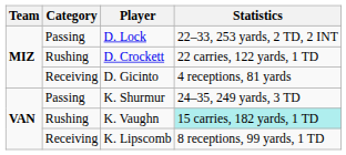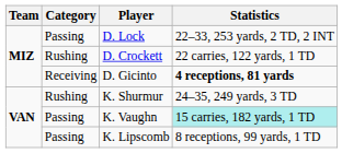 <table class="wikitable" style="float: right;">
 <tr>
 <th>Team</th>
 <th>Category</th>
 <th>Player</th>
 <th>Statistics</th>
 </tr>
 <tr>
 <td rowspan=3><strong>MIZ</strong></td>
 <td>Passing</td>
 <td><a href='#'>D. Lock</a></td>
 <td>22–33, 253 yards, 2 TD, 2 INT</td>
 </tr>
 <tr>
 <td>Rushing</td>
 <td><a href='#'>D. Crockett</a></td>
 <td>22 carries, 122 yards, 1 TD</td>
 </tr>
 <tr>
 <td>Receiving</td>
 <td>D. Gicinto</td>
-<td>4 receptions, 81 yards</td>
+<td><strong>4 receptions, 81 yards</strong></td>
 </tr>
 <tr>
 <td rowspan=3><strong>VAN</strong></td>
-<td>Passing</td>
+<td>Rushing</td>
 <td>K. Shurmur</td>
 <td>24–35, 249 yards, 3 TD</td>
 </tr>
 <tr>
-<td>Rushing</td>
+<td>Passing</td>
 <td>K. Vaughn</td>
 <td style="background: paleturquoise;">15 carries, 182 yards, 1 TD</td>
 </tr>
 <tr>
-<td>Receiving</td>
+<td>Passing</td>
 <td>K. Lipscomb</td>
 <td>8 receptions, 99 yards, 1 TD</td>
 </tr>
 </table>
